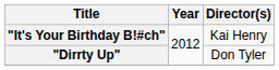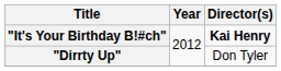 <table class="wikitable plainrowheaders" style="text-align:center;">
 <tr>
 <th scope="col">Title</th>
 <th scope="col">Year</th>
 <th scope="col">Director(s)</th>
 </tr>
 <tr>
 <th scope="row">"It's Your Birthday B!#ch"<br> </th>
 <td rowspan="2">2012</td>
-<td>Kai Henry</td>
+<td><strong>Kai Henry</strong></td>
 </tr>
 <tr>
 <th scope="row">"Dirrty Up"<br> </th>
 <td>Don Tyler</td>
 </tr>
 <tr>
 </tr>
 </table>
